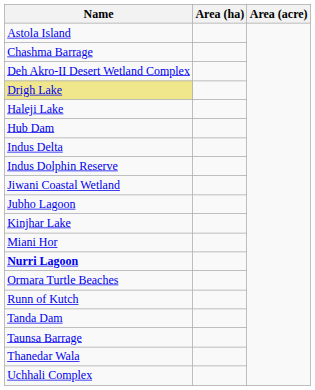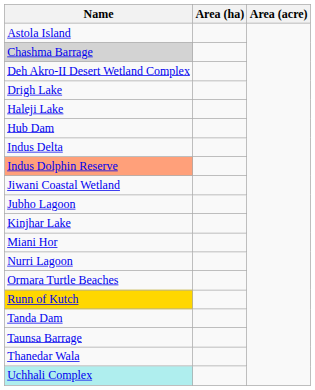 <table class="wikitable sortable">
 <tr>
 <th scope="col" align=left>Name</th>
 <th scope="col">Area (ha)</th>
 <th scope="col">Area (acre)</th>
 </tr>
 <tr ---->
 <td><a href='#'>Astola Island</a></td>
 <td></td>
 </tr>
 <tr ---->
-<td><a href='#'>Chashma Barrage</a></td>
+<td style="background: lightgrey;"><a href='#'>Chashma Barrage</a></td>
 <td></td>
 </tr>
 <tr ---->
 <td><a href='#'>Deh Akro-II Desert Wetland Complex</a></td>
 <td></td>
 </tr>
 <tr ---->
-<td style="background: khaki;"><a href='#'>Drigh Lake</a></td>
+<td><a href='#'>Drigh Lake</a></td>
 <td></td>
 </tr>
 <tr ---->
 <td><a href='#'>Haleji Lake</a></td>
 <td></td>
 </tr>
 <tr ---->
 <td><a href='#'>Hub Dam</a></td>
 <td></td>
 </tr>
 <tr ---->
 <td><a href='#'>Indus Delta</a></td>
 <td></td>
 </tr>
 <tr ---->
-<td><a href='#'>Indus Dolphin Reserve</a></td>
+<td style="background: lightsalmon;"><a href='#'>Indus Dolphin Reserve</a></td>
 <td></td>
 </tr>
 <tr ---->
 <td><a href='#'>Jiwani Coastal Wetland</a></td>
 <td></td>
 </tr>
 <tr ---->
 <td><a href='#'>Jubho Lagoon</a></td>
 <td></td>
 </tr>
 <tr ---->
 <td><a href='#'>Kinjhar Lake</a></td>
 <td></td>
 </tr>
 <tr ---->
 <td><a href='#'>Miani Hor</a></td>
 <td></td>
 </tr>
 <tr ---->
-<td><strong><a href='#'>Nurri Lagoon</a></strong></td>
+<td><a href='#'>Nurri Lagoon</a></td>
 <td></td>
 </tr>
 <tr ---->
 <td><a href='#'>Ormara Turtle Beaches</a></td>
 <td></td>
 </tr>
 <tr ---->
-<td><a href='#'>Runn of Kutch</a></td>
+<td style="background: gold;"><a href='#'>Runn of Kutch</a></td>
 <td></td>
 </tr>
 <tr ---->
 <td><a href='#'>Tanda Dam</a></td>
 <td></td>
 </tr>
 <tr ---->
 <td><a href='#'>Taunsa Barrage</a></td>
 <td></td>
 </tr>
 <tr ---->
 <td><a href='#'>Thanedar Wala</a></td>
 <td></td>
 </tr>
 <tr ---->
-<td><a href='#'>Uchhali Complex</a></td>
+<td style="background: paleturquoise;"><a href='#'>Uchhali Complex</a></td>
 <td></td>
 </tr>
 </table>
